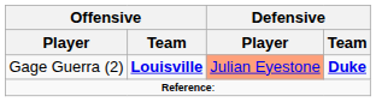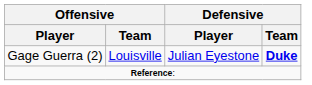 <table class="wikitable" style="text-align: center;">
 <tr>
 <th colspan="2">Offensive</th>
 <th colspan="2">Defensive</th>
 </tr>
 <tr>
 <th>Player</th>
 <th>Team</th>
 <th>Player</th>
 <th>Team</th>
 </tr>
 <tr>
 <td>Gage Guerra (2)</td>
-<td><strong><a href='#'>Louisville</a></strong></td>
-<td style="background: lightsalmon;"><a href='#'>Julian Eyestone</a></td>
+<td><a href='#'>Louisville</a></td>
+<td><a href='#'>Julian Eyestone</a></td>
 <td><strong><a href='#'>Duke</a></strong></td>
 </tr>
 <tr>
 <td colspan="4"  style="font-size:8pt; text-align:center;"><strong>Reference</strong>:</td>
 </tr>
 </table>
